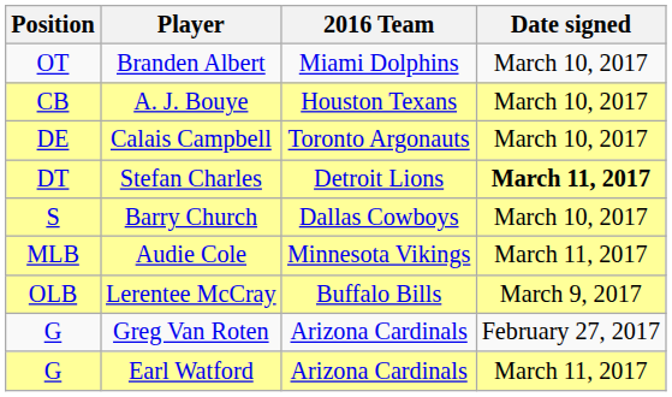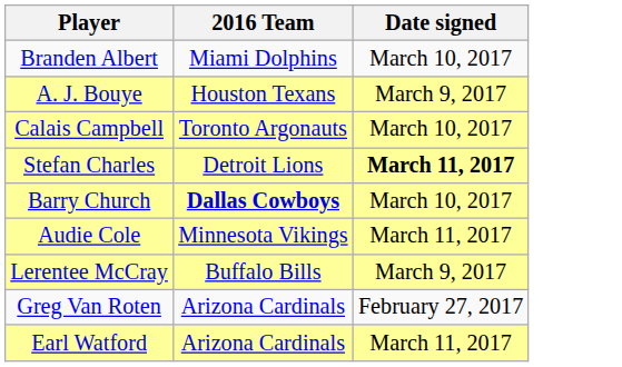 <table class="wikitable" style="text-align:center">
 <tr>
-<th>Position</th>
 <th>Player</th>
 <th>2016 Team</th>
 <th>Date signed</th>
 </tr>
 <tr style="text-align:center;">
-<td><a href='#'>OT</a></td>
 <td><a href='#'>Branden Albert</a></td>
 <td><a href='#'>Miami Dolphins</a></td>
 <td>March 10, 2017</td>
 </tr>
 <tr style="background:#ff9; text-align:center">
-<td><a href='#'>CB</a></td>
 <td><a href='#'>A. J. Bouye</a></td>
 <td><a href='#'>Houston Texans</a></td>
-<td>March 10, 2017</td>
+<td>March 9, 2017</td>
 </tr>
 <tr style="background:#ff9; text-align:center">
-<td><a href='#'>DE</a></td>
 <td><a href='#'>Calais Campbell</a></td>
 <td><a href='#'>Toronto Argonauts</a></td>
 <td>March 10, 2017</td>
 </tr>
 <tr style="background:#ff9; text-align:center">
-<td><a href='#'>DT</a></td>
 <td><a href='#'>Stefan Charles</a></td>
 <td><a href='#'>Detroit Lions</a></td>
 <td><strong>March 11, 2017</strong></td>
 </tr>
 <tr style="background:#ff9; text-align:center">
-<td><a href='#'>S</a></td>
 <td><a href='#'>Barry Church</a></td>
-<td><a href='#'>Dallas Cowboys</a></td>
+<td><strong><a href='#'>Dallas Cowboys</a></strong></td>
 <td>March 10, 2017</td>
 </tr>
 <tr style="background:#ff9; text-align:center">
-<td><a href='#'>MLB</a></td>
 <td><a href='#'>Audie Cole</a></td>
 <td><a href='#'>Minnesota Vikings</a></td>
 <td>March 11, 2017</td>
 </tr>
 <tr style="background:#ff9; text-align:center">
-<td><a href='#'>OLB</a></td>
 <td><a href='#'>Lerentee McCray</a></td>
 <td><a href='#'>Buffalo Bills</a></td>
 <td>March 9, 2017</td>
 </tr>
 <tr style="text-align:center;">
-<td><a href='#'>G</a></td>
 <td><a href='#'>Greg Van Roten</a></td>
 <td><a href='#'>Arizona Cardinals</a></td>
 <td>February 27, 2017</td>
 </tr>
 <tr style="background:#ff9; text-align:center">
-<td><a href='#'>G</a></td>
 <td><a href='#'>Earl Watford</a></td>
 <td><a href='#'>Arizona Cardinals</a></td>
 <td>March 11, 2017</td>
 </tr>
 </table>
